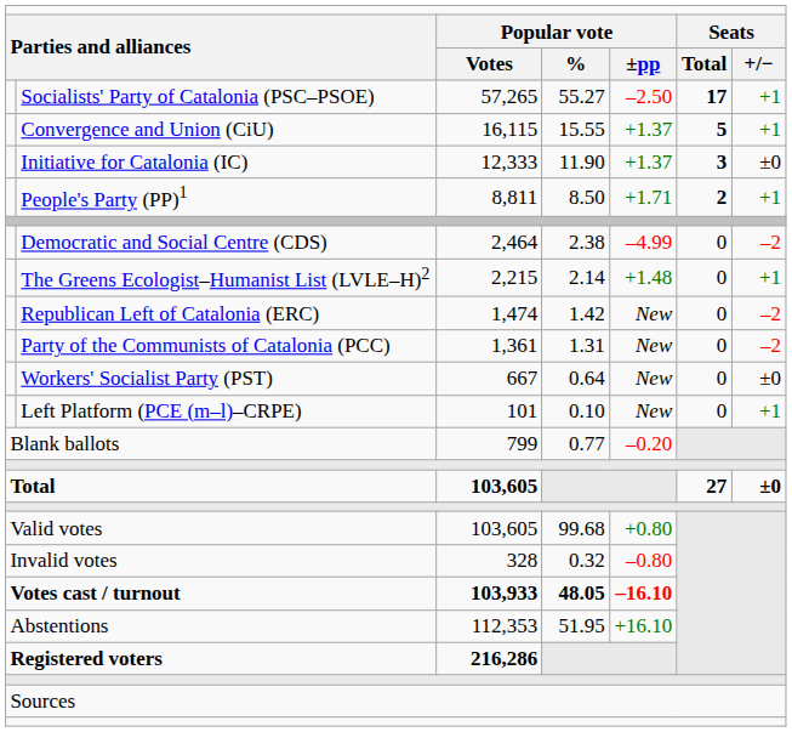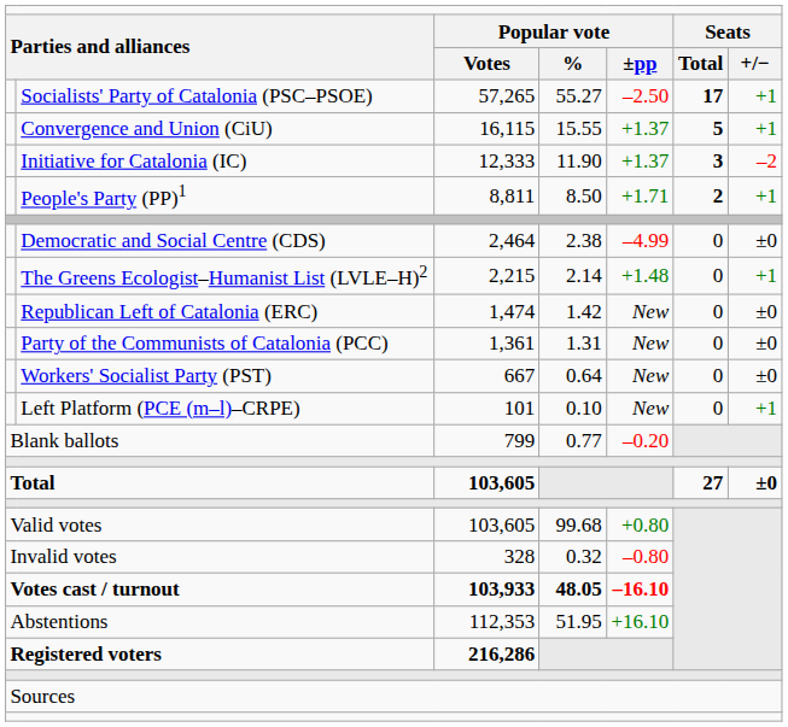 <table class="wikitable" style="text-align:right;">
 <tr>
 <td colspan="7"></td>
 </tr>
 <tr>
 <th style="text-align:left;" rowspan="2" colspan="2" width="525">Parties and alliances</th>
 <th colspan="3">Popular vote</th>
 <th colspan="2">Seats</th>
 </tr>
 <tr>
 <th width="75">Votes</th>
 <th width="45">%</th>
 <th width="45">±<a href='#'>pp</a></th>
 <th width="35">Total</th>
 <th width="35">+/−</th>
 </tr>
 <tr>
 <td width="1" style="color:inherit;background:"></td>
 <td align="left"><a href='#'>Socialists' Party of Catalonia</a> (PSC–PSOE)</td>
 <td>57,265</td>
 <td>55.27</td>
 <td style="color:red;">–2.50</td>
 <td><strong>17</strong></td>
 <td style="color:green;">+1</td>
 </tr>
 <tr>
 <td style="color:inherit;background:"></td>
 <td align="left"><a href='#'>Convergence and Union</a> (CiU)</td>
 <td>16,115</td>
 <td>15.55</td>
 <td style="color:green;">+1.37</td>
 <td><strong>5</strong></td>
 <td style="color:green;">+1</td>
 </tr>
 <tr>
 <td style="color:inherit;background:"></td>
 <td align="left"><a href='#'>Initiative for Catalonia</a> (IC)</td>
 <td>12,333</td>
 <td>11.90</td>
 <td style="color:green;">+1.37</td>
 <td><strong>3</strong></td>
-<td>±0</td>
+<td style="color:red;">–2</td>
 </tr>
 <tr>
 <td style="color:inherit;background:"></td>
 <td align="left"><a href='#'>People's Party</a> (PP)<sup>1</sup></td>
 <td>8,811</td>
 <td>8.50</td>
 <td style="color:green;">+1.71</td>
 <td><strong>2</strong></td>
 <td style="color:green;">+1</td>
 </tr>
 <tr>
 <td colspan="7" style="color:inherit;background:#C0C0C0"></td>
 </tr>
 <tr>
 <td style="color:inherit;background:"></td>
 <td align="left"><a href='#'>Democratic and Social Centre</a> (CDS)</td>
 <td>2,464</td>
 <td>2.38</td>
 <td style="color:red;">–4.99</td>
 <td>0</td>
-<td style="color:red;">–2</td>
+<td>±0</td>
 </tr>
 <tr>
 <td style="color:inherit;background:"></td>
 <td align="left"><a href='#'>The Greens Ecologist</a>–<a href='#'>Humanist List</a> (LVLE–H)<sup>2</sup></td>
 <td>2,215</td>
 <td>2.14</td>
 <td style="color:green;">+1.48</td>
 <td>0</td>
 <td style="color:green;">+1</td>
 </tr>
 <tr>
 <td style="color:inherit;background:"></td>
 <td align="left"><a href='#'>Republican Left of Catalonia</a> (ERC)</td>
 <td>1,474</td>
 <td>1.42</td>
 <td><em>New</em></td>
 <td>0</td>
-<td style="color:red;">–2</td>
+<td>±0</td>
 </tr>
 <tr>
 <td style="color:inherit;background:"></td>
 <td align="left"><a href='#'>Party of the Communists of Catalonia</a> (PCC)</td>
 <td>1,361</td>
 <td>1.31</td>
 <td><em>New</em></td>
 <td>0</td>
-<td style="color:red;">–2</td>
+<td>±0</td>
 </tr>
 <tr>
 <td style="color:inherit;background:"></td>
 <td align="left"><a href='#'>Workers' Socialist Party</a> (PST)</td>
 <td>667</td>
 <td>0.64</td>
 <td><em>New</em></td>
 <td>0</td>
 <td>±0</td>
 </tr>
 <tr>
 <td style="color:inherit;background:"></td>
 <td align="left">Left Platform (<a href='#'>PCE (m–l)</a>–CRPE)</td>
 <td>101</td>
 <td>0.10</td>
 <td><em>New</em></td>
 <td>0</td>
 <td style="color:green;">+1</td>
 </tr>
 <tr>
 <td align="left" colspan="2">Blank ballots</td>
 <td>799</td>
 <td>0.77</td>
 <td style="color:red;">–0.20</td>
 <td style="color:inherit;background:#E9E9E9" colspan="2"></td>
 </tr>
 <tr>
 <td colspan="7" style="color:inherit;background:#E9E9E9"></td>
 </tr>
 <tr style="font-weight:bold;">
 <td align="left" colspan="2">Total</td>
 <td>103,605</td>
 <td bgcolor="#E9E9E9" colspan="2"></td>
 <td>27</td>
 <td>±0</td>
 </tr>
 <tr>
 <td colspan="7" style="color:inherit;background:#E9E9E9"></td>
 </tr>
 <tr>
 <td align="left" colspan="2">Valid votes</td>
 <td>103,605</td>
 <td>99.68</td>
 <td style="color:green;">+0.80</td>
 <td bgcolor="#E9E9E9" colspan="2" rowspan="5"></td>
 </tr>
 <tr>
 <td align="left" colspan="2">Invalid votes</td>
 <td>328</td>
 <td>0.32</td>
 <td style="color:red;">–0.80</td>
 </tr>
 <tr style="font-weight:bold;">
 <td align="left" colspan="2">Votes cast / turnout</td>
 <td>103,933</td>
 <td>48.05</td>
 <td style="color:red;">–16.10</td>
 </tr>
 <tr>
 <td align="left" colspan="2">Abstentions</td>
 <td>112,353</td>
 <td>51.95</td>
 <td style="color:green;">+16.10</td>
 </tr>
 <tr style="font-weight:bold;">
 <td align="left" colspan="2">Registered voters</td>
 <td>216,286</td>
 <td bgcolor="#E9E9E9" colspan="2"></td>
 </tr>
 <tr>
 <td colspan="7" style="color:inherit;background:#E9E9E9"></td>
 </tr>
 <tr>
 <td align="left" colspan="7">Sources</td>
 </tr>
 <tr>
 <td colspan="7" style="text-align:left; max-width:790px;"></td>
 </tr>
 </table>
